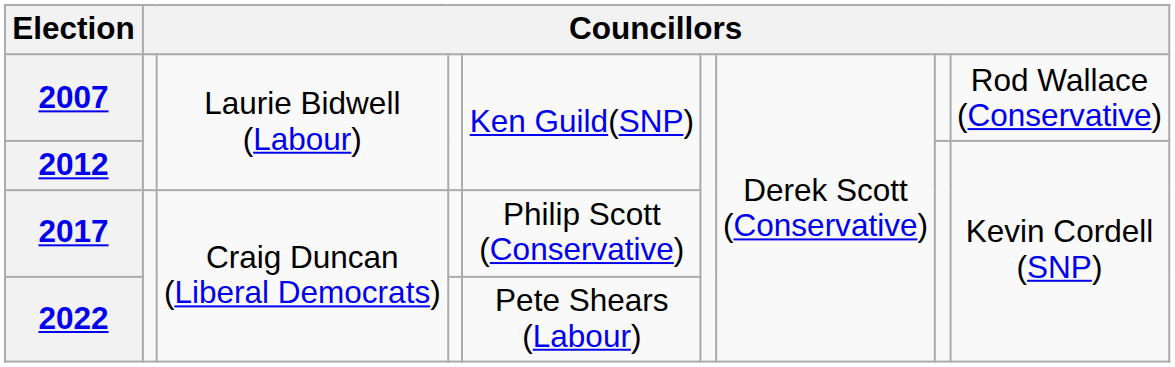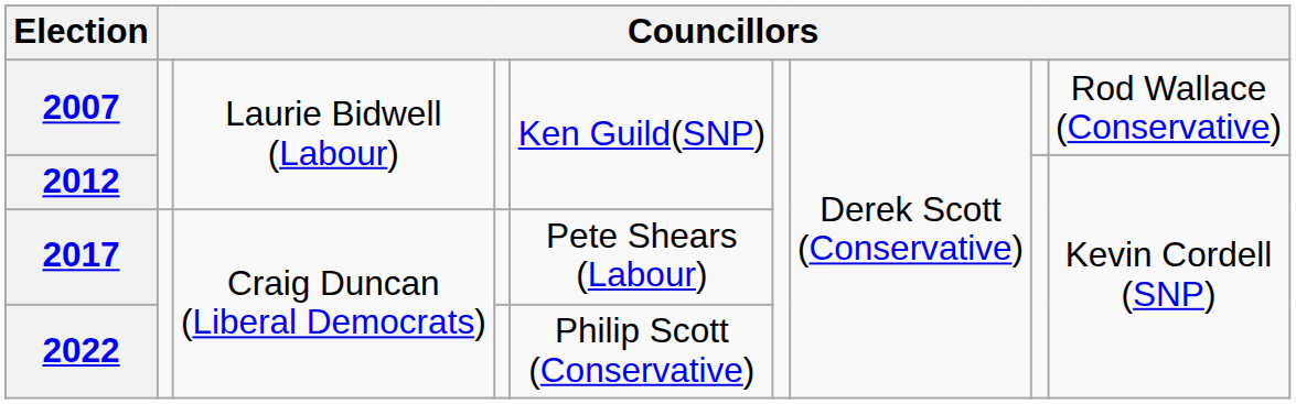 <table class="wikitable" style="text-align:center">
 <tr>
 <th>Election</th>
 <th colspan="8">Councillors</th>
 </tr>
 <tr>
 <th><a href='#'>2007</a></th>
 <td rowspan="2;" style="background-color: "></td>
 <td rowspan="2">Laurie Bidwell<br>(<a href='#'>Labour</a>)</td>
 <td rowspan="2;" style="background-color: "></td>
 <td rowspan="2"><a href='#'>Ken Guild</a>(<a href='#'>SNP</a>)</td>
 <td rowspan="4;" style="background-color: "></td>
 <td rowspan="4">Derek Scott<br>(<a href='#'>Conservative</a>)</td>
 <td rowspan="1;" style="background-color: "></td>
 <td rowspan="1">Rod Wallace<br>(<a href='#'>Conservative</a>)</td>
 </tr>
 <tr>
 <th><a href='#'>2012</a></th>
 <td rowspan="3;" style="background-color: "></td>
 <td rowspan="3">Kevin Cordell<br>(<a href='#'>SNP</a>)</td>
 </tr>
 <tr>
 <th><a href='#'>2017</a></th>
 <td rowspan="2;" style="background-color: "></td>
 <td rowspan="2">Craig Duncan<br>(<a href='#'>Liberal Democrats</a>)</td>
 <td rowspan="1;" style="background-color: "></td>
-<td rowspan="1">Philip Scott<br>(<a href='#'>Conservative</a>)</td>
+<td>Pete Shears<br>(<a href='#'>Labour</a>)</td>
 </tr>
 <tr>
 <th><a href='#'>2022</a></th>
 <td rowspan="1;" style="background-color: "></td>
-<td>Pete Shears<br>(<a href='#'>Labour</a>)</td>
+<td rowspan="1">Philip Scott<br>(<a href='#'>Conservative</a>)</td>
 </tr>
 </table>
